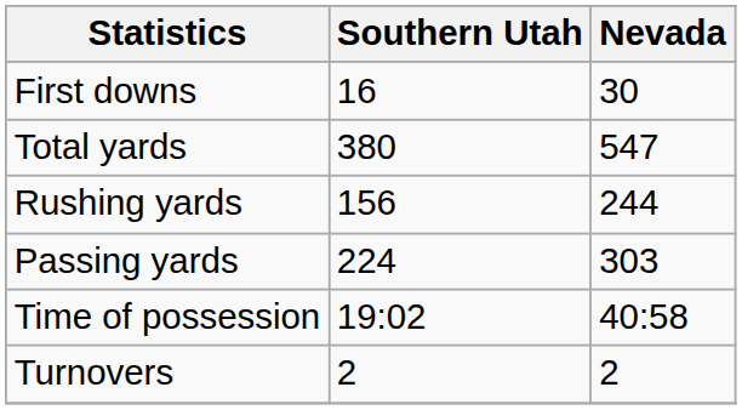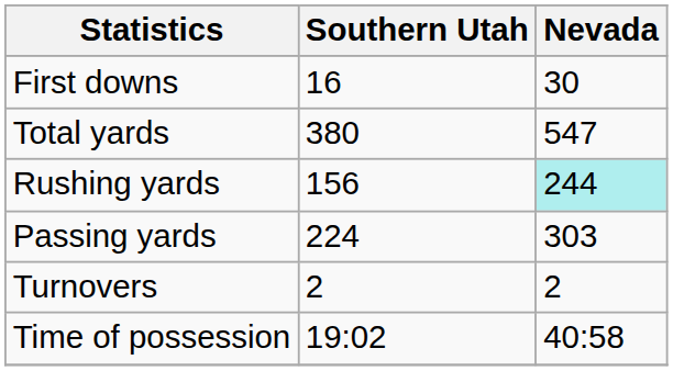 <table class="wikitable">
 <tr>
 <th>Statistics</th>
 <th>Southern Utah</th>
 <th>Nevada</th>
 </tr>
 <tr>
 <td>First downs</td>
 <td>16</td>
 <td>30</td>
 </tr>
 <tr>
 <td>Total yards</td>
 <td>380</td>
 <td>547</td>
 </tr>
 <tr>
 <td>Rushing yards</td>
 <td>156</td>
-<td>244</td>
+<td style="background: paleturquoise;">244</td>
 </tr>
 <tr>
 <td>Passing yards</td>
 <td>224</td>
 <td>303</td>
 </tr>
 <tr>
+<td>Turnovers</td>
+<td>2</td>
+<td>2</td>
+</tr>
+<tr>
 <td>Time of possession</td>
 <td>19:02</td>
 <td>40:58</td>
 </tr>
 <tr>
-<td>Turnovers</td>
-<td>2</td>
-<td>2</td>
-</tr>
-<tr>
 </tr>
 </table>
